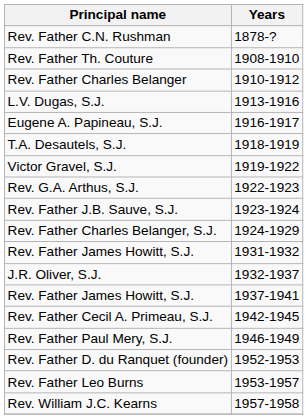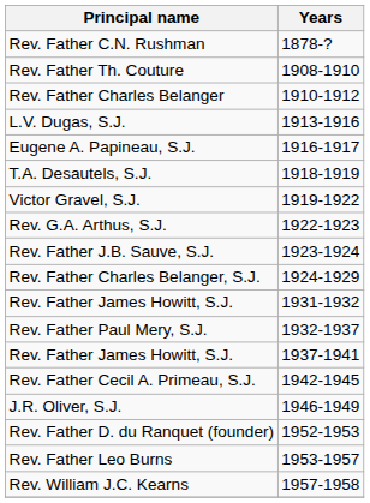 <table class="wikitable">
 <tr>
 <th>Principal name</th>
 <th>Years</th>
 </tr>
 <tr>
 <td>Rev. Father C.N. Rushman</td>
 <td>1878-?</td>
 </tr>
 <tr>
 <td>Rev. Father Th. Couture</td>
 <td>1908-1910</td>
 </tr>
 <tr>
 <td>Rev. Father Charles Belanger</td>
 <td>1910-1912</td>
 </tr>
 <tr>
 <td>L.V. Dugas, S.J.</td>
 <td>1913-1916</td>
 </tr>
 <tr>
 <td>Eugene A. Papineau, S.J.</td>
 <td>1916-1917</td>
 </tr>
 <tr>
 <td>T.A. Desautels, S.J.</td>
 <td>1918-1919</td>
 </tr>
 <tr>
 <td>Victor Gravel, S.J.</td>
 <td>1919-1922</td>
 </tr>
 <tr>
 <td>Rev. G.A. Arthus, S.J.</td>
 <td>1922-1923</td>
 </tr>
 <tr>
 <td>Rev. Father J.B. Sauve, S.J.</td>
 <td>1923-1924</td>
 </tr>
 <tr>
 <td>Rev. Father Charles Belanger, S.J.</td>
 <td>1924-1929</td>
 </tr>
 <tr>
 <td>Rev. Father James Howitt, S.J.</td>
 <td>1931-1932</td>
 </tr>
 <tr>
-<td>J.R. Oliver, S.J.</td>
+<td>Rev. Father Paul Mery, S.J.</td>
 <td>1932-1937</td>
 </tr>
 <tr>
 <td>Rev. Father James Howitt, S.J.</td>
 <td>1937-1941</td>
 </tr>
 <tr>
 <td>Rev. Father Cecil A. Primeau, S.J.</td>
 <td>1942-1945</td>
 </tr>
 <tr>
-<td>Rev. Father Paul Mery, S.J.</td>
+<td>J.R. Oliver, S.J.</td>
 <td>1946-1949</td>
 </tr>
 <tr>
 <td>Rev. Father D. du Ranquet (founder)</td>
 <td>1952-1953</td>
 </tr>
 <tr>
 <td>Rev. Father Leo Burns</td>
 <td>1953-1957</td>
 </tr>
 <tr>
 <td>Rev. William J.C. Kearns</td>
 <td>1957-1958</td>
 </tr>
 <tr>
 </tr>
 </table>
